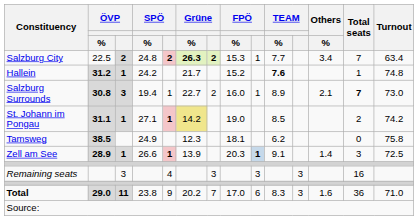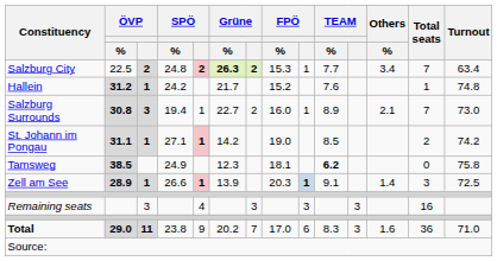 <table class="wikitable" style="text-align:center;font-size:90%;line-height:16px">
 <tr style="height:40px;">
 <th style="width:120px;" rowspan="3">Constituency</th>
 <th style="width:60px;" colspan="2"><a href='#'>ÖVP</a></th>
 <th style="width:60px;" colspan="2"><a href='#'>SPÖ</a></th>
 <th style="width:60px;" colspan="2"><a href='#'>Grüne</a></th>
 <th style="width:60px;" colspan="2"><a href='#'>FPÖ</a></th>
 <th style="width:60px;" colspan="2"><a href='#'>TEAM</a></th>
 <th class="unsortable" style="width:40px;" rowspan="2">Others</th>
 <th class="unsortable" style="width:40px;" rowspan="3">Total<br>seats</th>
 <th class="unsortable" style="width:40px;" rowspan="3">Turnout</th>
 </tr>
 <tr>
 <th colspan="2" style="background:"></th>
 <th colspan="2" style="background:"></th>
 <th colspan="2" style="background:"></th>
 <th colspan="2" style="background:"></th>
 <th colspan="2" style="background:"></th>
 </tr>
 <tr>
 <th class=unsortable>%</th>
 <th class=unsortable></th>
 <th class=unsortable>%</th>
 <th class=unsortable></th>
 <th class=unsortable>%</th>
 <th class=unsortable></th>
 <th class=unsortable>%</th>
 <th class=unsortable></th>
 <th class=unsortable>%</th>
 <th class=unsortable></th>
 <th class=unsortable>%</th>
 </tr>
 <tr>
 <td align=left><a href='#'>Salzburg City</a></td>
 <td>22.5</td>
 <td bgcolor=#D9D9D9><strong>2</strong></td>
 <td>24.8</td>
 <td bgcolor=#F4C6C9><strong>2</strong></td>
 <td bgcolor=#E2F2C0><strong>26.3</strong></td>
 <td bgcolor=#E2F2C0><strong>2</strong></td>
 <td>15.3</td>
 <td>1</td>
 <td>7.7</td>
 <td></td>
 <td>3.4</td>
 <td>7</td>
 <td>63.4</td>
 </tr>
 <tr>
 <td align=left><a href='#'>Hallein</a></td>
 <td bgcolor=#D9D9D9><strong>31.2</strong></td>
 <td bgcolor=#D9D9D9><strong>1</strong></td>
 <td>24.2</td>
 <td></td>
 <td>21.7</td>
 <td></td>
 <td>15.2</td>
 <td></td>
-<td><strong>7.6</strong></td>
+<td>7.6</td>
 <td></td>
 <td></td>
 <td>1</td>
 <td>74.8</td>
 </tr>
 <tr>
 <td align=left><a href='#'>Salzburg Surrounds</a></td>
 <td bgcolor=#D9D9D9><strong>30.8</strong></td>
 <td bgcolor=#D9D9D9><strong>3</strong></td>
 <td>19.4</td>
 <td>1</td>
 <td>22.7</td>
 <td>2</td>
 <td>16.0</td>
 <td>1</td>
 <td>8.9</td>
 <td></td>
 <td>2.1</td>
-<td><strong>7</strong></td>
+<td>7</td>
 <td>73.0</td>
 </tr>
 <tr>
 <td align=left><a href='#'>St. Johann im Pongau</a></td>
 <td bgcolor=#D9D9D9><strong>31.1</strong></td>
 <td bgcolor=#D9D9D9><strong>1</strong></td>
 <td>27.1</td>
 <td bgcolor=#F4C6C9><strong>1</strong></td>
-<td style="background: khaki;">14.2</td>
+<td>14.2</td>
 <td></td>
 <td>19.0</td>
 <td></td>
 <td>8.5</td>
 <td></td>
 <td></td>
 <td>2</td>
 <td>74.2</td>
 </tr>
 <tr>
 <td align=left><a href='#'>Tamsweg</a></td>
 <td bgcolor=#D9D9D9><strong>38.5</strong></td>
 <td></td>
 <td>24.9</td>
 <td></td>
 <td>12.3</td>
 <td></td>
 <td>18.1</td>
 <td></td>
-<td>6.2</td>
+<td><strong>6.2</strong></td>
 <td></td>
 <td></td>
 <td>0</td>
 <td>75.8</td>
 </tr>
 <tr>
 <td align=left><a href='#'>Zell am See</a></td>
 <td bgcolor=#D9D9D9><strong>28.9</strong></td>
 <td bgcolor=#D9D9D9><strong>1</strong></td>
 <td>26.6</td>
 <td bgcolor=#F4C6C9><strong>1</strong></td>
 <td>13.9</td>
 <td></td>
 <td>20.3</td>
 <td bgcolor=#C6D9EA><strong>1</strong></td>
 <td>9.1</td>
 <td></td>
 <td>1.4</td>
 <td>3</td>
 <td>72.5</td>
 </tr>
 <tr>
 <td colspan=14 bgcolor=lightgrey></td>
 </tr>
 <tr>
 <td align=left><em>Remaining seats</em></td>
 <td></td>
 <td>3</td>
 <td></td>
 <td>4</td>
 <td></td>
 <td>3</td>
 <td></td>
 <td>3</td>
 <td></td>
 <td>3</td>
 <td></td>
 <td>16</td>
 <td></td>
 </tr>
 <tr>
 <td colspan=14 bgcolor=lightgrey></td>
 </tr>
 <tr>
 <td align=left><strong>Total</strong></td>
 <td bgcolor=#D9D9D9><strong>29.0</strong></td>
 <td bgcolor=#D9D9D9><strong>11</strong></td>
 <td>23.8</td>
 <td>9</td>
 <td>20.2</td>
 <td>7</td>
 <td>17.0</td>
 <td>6</td>
 <td>8.3</td>
 <td>3</td>
 <td>1.6</td>
 <td>36</td>
 <td>71.0</td>
 </tr>
 <tr class=sortbottom>
 <td colspan=14 align=left>Source: </td>
 </tr>
 </table>
